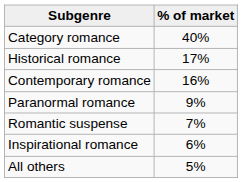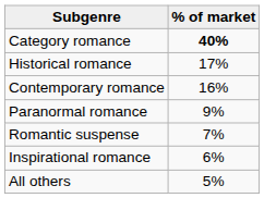 <table style="float:right;"  class="wikitable">
 <tr>
 <th style="background:#efefef;">Subgenre</th>
 <th style="background:#efefef;align:center">% of market</th>
 </tr>
 <tr>
 <td>Category romance</td>
-<td style="text-align:center;">40%</td>
+<td style="text-align:center;"><strong>40%</strong></td>
 </tr>
 <tr>
 <td>Historical romance</td>
 <td style="text-align:center;">17%</td>
 </tr>
 <tr>
 <td>Contemporary romance</td>
 <td style="text-align:center;">16%</td>
 </tr>
 <tr>
 <td>Paranormal romance</td>
 <td style="text-align:center;">9%</td>
 </tr>
 <tr>
 <td>Romantic suspense</td>
 <td style="text-align:center;">7%</td>
 </tr>
 <tr>
 <td>Inspirational romance</td>
 <td style="text-align:center;">6%</td>
 </tr>
 <tr>
 <td>All others</td>
 <td style="text-align:center;">5%</td>
 </tr>
 </table>
